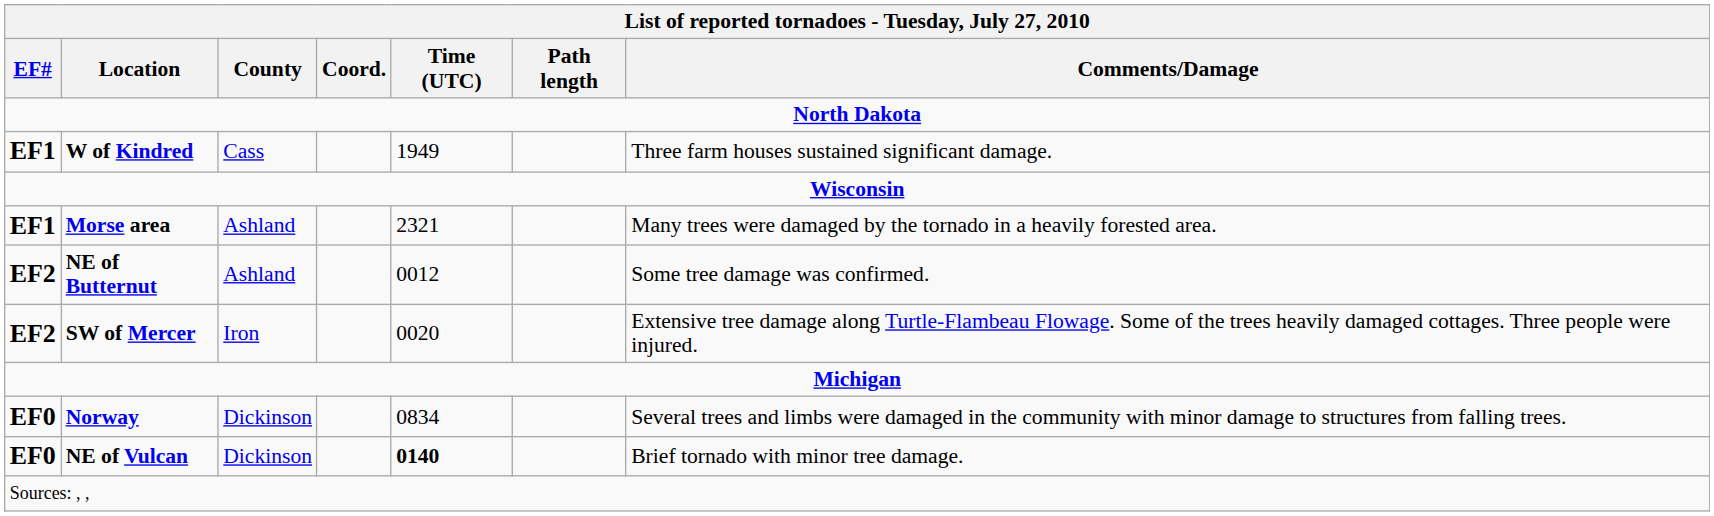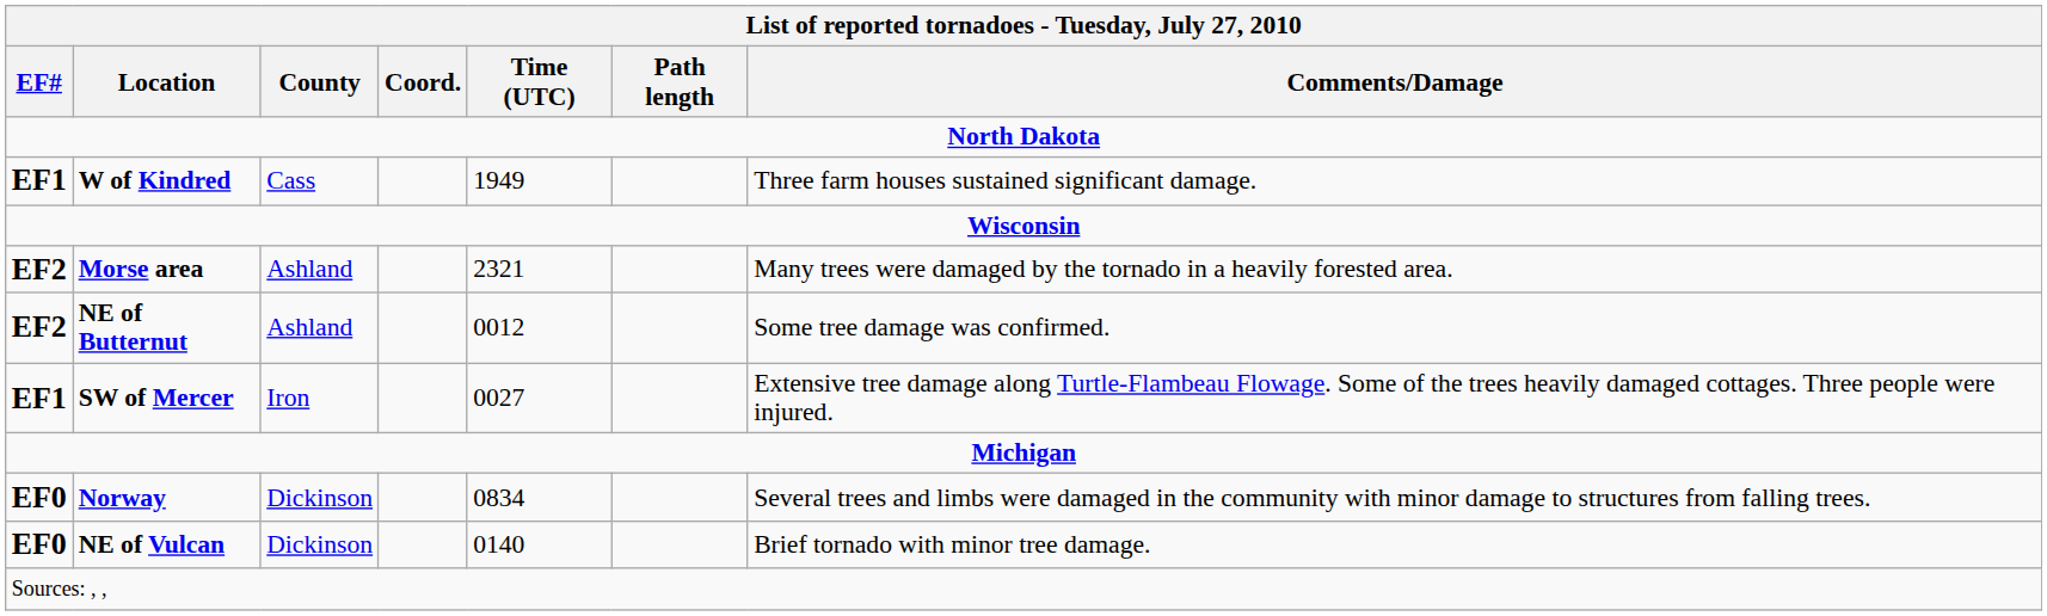 <table class="wikitable collapsible" style="width:100%;">
 <tr>
 <th colspan="7">List of reported tornadoes - Tuesday, July 27, 2010</th>
 </tr>
 <tr>
 <th><a href='#'>EF#</a></th>
 <th>Location</th>
 <th>County</th>
 <th>Coord.</th>
 <th>Time (UTC)</th>
 <th>Path length</th>
 <th>Comments/Damage</th>
 </tr>
 <tr>
 <td colspan="7" style="text-align:center;"><strong><a href='#'>North Dakota</a></strong></td>
 </tr>
 <tr>
 <td><big><strong>EF1</strong></big></td>
 <td><strong>W of <a href='#'>Kindred</a></strong></td>
 <td><a href='#'>Cass</a></td>
 <td></td>
 <td>1949</td>
 <td></td>
 <td>Three farm houses sustained significant damage.</td>
 </tr>
 <tr>
 <td colspan="7" style="text-align:center;"><strong><a href='#'>Wisconsin</a></strong></td>
 </tr>
 <tr>
-<td><big><strong>EF1</strong></big></td>
+<td><big><strong>EF2</strong></big></td>
 <td><strong><a href='#'>Morse</a> area</strong></td>
 <td><a href='#'>Ashland</a></td>
 <td></td>
 <td>2321</td>
 <td></td>
 <td>Many trees were damaged by the tornado in a heavily forested area.</td>
 </tr>
 <tr>
 <td><big><strong>EF2</strong></big></td>
 <td><strong>NE of <a href='#'>Butternut</a></strong></td>
 <td><a href='#'>Ashland</a></td>
 <td></td>
 <td>0012</td>
 <td></td>
 <td>Some tree damage was confirmed.</td>
 </tr>
 <tr>
-<td><big><strong>EF2</strong></big></td>
+<td><big><strong>EF1</strong></big></td>
 <td><strong>SW of <a href='#'>Mercer</a></strong></td>
 <td><a href='#'>Iron</a></td>
 <td></td>
-<td>0020</td>
+<td>0027</td>
 <td></td>
 <td>Extensive tree damage along <a href='#'>Turtle-Flambeau Flowage</a>. Some of the trees heavily damaged cottages. Three people were injured.</td>
 </tr>
 <tr>
 <td colspan="7" style="text-align:center;"><strong><a href='#'>Michigan</a></strong></td>
 </tr>
 <tr>
 <td><big><strong>EF0</strong></big></td>
 <td><strong><a href='#'>Norway</a></strong></td>
 <td><a href='#'>Dickinson</a></td>
 <td></td>
 <td>0834</td>
 <td></td>
 <td>Several trees and limbs were damaged in the community with minor damage to structures from falling trees.</td>
 </tr>
 <tr>
 <td><big><strong>EF0</strong></big></td>
 <td><strong>NE of <a href='#'>Vulcan</a></strong></td>
 <td><a href='#'>Dickinson</a></td>
 <td></td>
-<td><strong>0140</strong></td>
+<td>0140</td>
 <td></td>
 <td>Brief tornado with minor tree damage.</td>
 </tr>
 <tr>
 <td colspan="7"><small>Sources: , , </small></td>
 </tr>
 </table>
